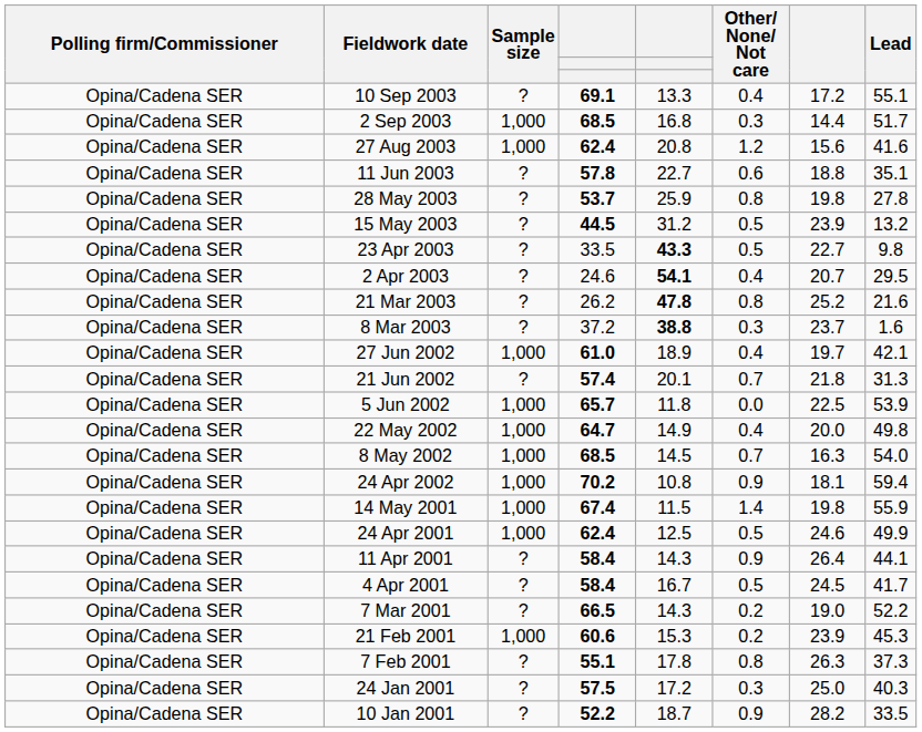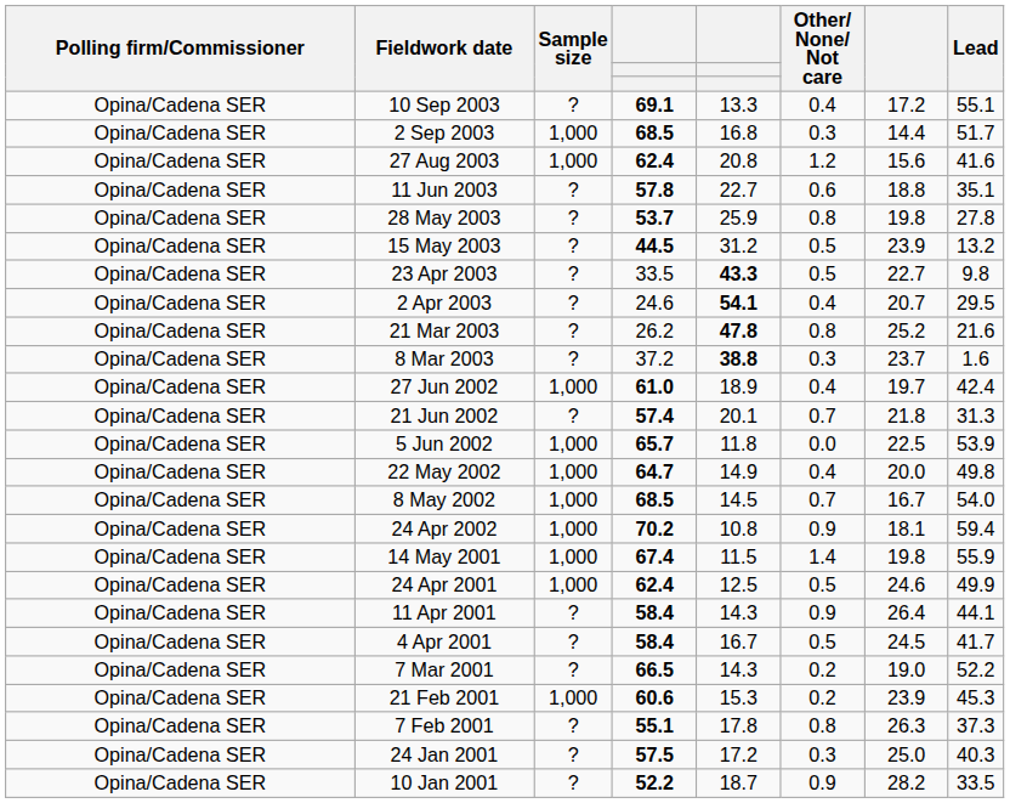 <table class="wikitable collapsible collapsed" style="text-align:center; font-size:90%; line-height:14px;">
 <tr style="height:42px;">
 <th style="width:250px;" rowspan="3">Polling firm/Commissioner</th>
 <th style="width:125px;" rowspan="3">Fieldwork date</th>
 <th style="width:50px;" rowspan="3">Sample size</th>
 <th style="width:55px;"></th>
 <th style="width:55px;"></th>
 <th style="width:55px;" rowspan="3">Other/<br>None/<br>Not<br>care</th>
 <th style="width:55px;" rowspan="3"></th>
 <th style="width:30px;" rowspan="3">Lead</th>
 </tr>
 <tr>
 <th style="color:inherit;background:"></th>
 <th style="color:inherit;background:"></th>
 </tr>
 <tr>
 <th></th>
 <th></th>
 </tr>
 <tr>
 <td>Opina/Cadena SER</td>
 <td>10 Sep 2003</td>
 <td>?</td>
 <td><strong>69.1</strong></td>
 <td>13.3</td>
 <td>0.4</td>
 <td>17.2</td>
 <td style="background:">55.1</td>
 </tr>
 <tr>
 <td>Opina/Cadena SER</td>
 <td>2 Sep 2003</td>
 <td>1,000</td>
 <td><strong>68.5</strong></td>
 <td>16.8</td>
 <td>0.3</td>
 <td>14.4</td>
 <td style="background:">51.7</td>
 </tr>
 <tr>
 <td>Opina/Cadena SER</td>
 <td>27 Aug 2003</td>
 <td>1,000</td>
 <td><strong>62.4</strong></td>
 <td>20.8</td>
 <td>1.2</td>
 <td>15.6</td>
 <td style="background:">41.6</td>
 </tr>
 <tr>
 <td>Opina/Cadena SER</td>
 <td>11 Jun 2003</td>
 <td>?</td>
 <td><strong>57.8</strong></td>
 <td>22.7</td>
 <td>0.6</td>
 <td>18.8</td>
 <td style="background:">35.1</td>
 </tr>
 <tr>
 <td>Opina/Cadena SER</td>
 <td>28 May 2003</td>
 <td>?</td>
 <td><strong>53.7</strong></td>
 <td>25.9</td>
 <td>0.8</td>
 <td>19.8</td>
 <td style="background:">27.8</td>
 </tr>
 <tr>
 <td>Opina/Cadena SER</td>
 <td>15 May 2003</td>
 <td>?</td>
 <td><strong>44.5</strong></td>
 <td>31.2</td>
 <td>0.5</td>
 <td>23.9</td>
 <td style="background:">13.2</td>
 </tr>
 <tr>
 <td>Opina/Cadena SER</td>
 <td>23 Apr 2003</td>
 <td>?</td>
 <td>33.5</td>
 <td><strong>43.3</strong></td>
 <td>0.5</td>
 <td>22.7</td>
 <td style="background:">9.8</td>
 </tr>
 <tr>
 <td>Opina/Cadena SER</td>
 <td>2 Apr 2003</td>
 <td>?</td>
 <td>24.6</td>
 <td><strong>54.1</strong></td>
 <td>0.4</td>
 <td>20.7</td>
 <td style="background:">29.5</td>
 </tr>
 <tr>
 <td>Opina/Cadena SER</td>
 <td>21 Mar 2003</td>
 <td>?</td>
 <td>26.2</td>
 <td><strong>47.8</strong></td>
 <td>0.8</td>
 <td>25.2</td>
 <td style="background:">21.6</td>
 </tr>
 <tr>
 <td>Opina/Cadena SER</td>
 <td>8 Mar 2003</td>
 <td>?</td>
 <td>37.2</td>
 <td><strong>38.8</strong></td>
 <td>0.3</td>
 <td>23.7</td>
 <td style="background:">1.6</td>
 </tr>
 <tr>
 <td>Opina/Cadena SER</td>
 <td>27 Jun 2002</td>
 <td>1,000</td>
 <td><strong>61.0</strong></td>
 <td>18.9</td>
 <td>0.4</td>
 <td>19.7</td>
-<td style="background:">42.1</td>
+<td style="background:">42.4</td>
 </tr>
 <tr>
 <td>Opina/Cadena SER</td>
 <td>21 Jun 2002</td>
 <td>?</td>
 <td><strong>57.4</strong></td>
 <td>20.1</td>
 <td>0.7</td>
 <td>21.8</td>
 <td style="background:">31.3</td>
 </tr>
 <tr>
 <td>Opina/Cadena SER</td>
 <td>5 Jun 2002</td>
 <td>1,000</td>
 <td><strong>65.7</strong></td>
 <td>11.8</td>
 <td>0.0</td>
 <td>22.5</td>
 <td style="background:">53.9</td>
 </tr>
 <tr>
 <td>Opina/Cadena SER</td>
 <td>22 May 2002</td>
 <td>1,000</td>
 <td><strong>64.7</strong></td>
 <td>14.9</td>
 <td>0.4</td>
 <td>20.0</td>
 <td style="background:">49.8</td>
 </tr>
 <tr>
 <td>Opina/Cadena SER</td>
 <td>8 May 2002</td>
 <td>1,000</td>
 <td><strong>68.5</strong></td>
 <td>14.5</td>
 <td>0.7</td>
-<td>16.3</td>
+<td>16.7</td>
 <td style="background:">54.0</td>
 </tr>
 <tr>
 <td>Opina/Cadena SER</td>
 <td>24 Apr 2002</td>
 <td>1,000</td>
 <td><strong>70.2</strong></td>
 <td>10.8</td>
 <td>0.9</td>
 <td>18.1</td>
 <td style="background:">59.4</td>
 </tr>
 <tr>
 <td>Opina/Cadena SER</td>
 <td>14 May 2001</td>
 <td>1,000</td>
 <td><strong>67.4</strong></td>
 <td>11.5</td>
 <td>1.4</td>
 <td>19.8</td>
 <td style="background:">55.9</td>
 </tr>
 <tr>
 <td>Opina/Cadena SER</td>
 <td>24 Apr 2001</td>
 <td>1,000</td>
 <td><strong>62.4</strong></td>
 <td>12.5</td>
 <td>0.5</td>
 <td>24.6</td>
 <td style="background:">49.9</td>
 </tr>
 <tr>
 <td>Opina/Cadena SER</td>
 <td>11 Apr 2001</td>
 <td>?</td>
 <td><strong>58.4</strong></td>
 <td>14.3</td>
 <td>0.9</td>
 <td>26.4</td>
 <td style="background:">44.1</td>
 </tr>
 <tr>
 <td>Opina/Cadena SER</td>
 <td>4 Apr 2001</td>
 <td>?</td>
 <td><strong>58.4</strong></td>
 <td>16.7</td>
 <td>0.5</td>
 <td>24.5</td>
 <td style="background:">41.7</td>
 </tr>
 <tr>
 <td>Opina/Cadena SER</td>
 <td>7 Mar 2001</td>
 <td>?</td>
 <td><strong>66.5</strong></td>
 <td>14.3</td>
 <td>0.2</td>
 <td>19.0</td>
 <td style="background:">52.2</td>
 </tr>
 <tr>
 <td>Opina/Cadena SER</td>
 <td>21 Feb 2001</td>
 <td>1,000</td>
 <td><strong>60.6</strong></td>
 <td>15.3</td>
 <td>0.2</td>
 <td>23.9</td>
 <td style="background:">45.3</td>
 </tr>
 <tr>
 <td>Opina/Cadena SER</td>
 <td>7 Feb 2001</td>
 <td>?</td>
 <td><strong>55.1</strong></td>
 <td>17.8</td>
 <td>0.8</td>
 <td>26.3</td>
 <td style="background:">37.3</td>
 </tr>
 <tr>
 <td>Opina/Cadena SER</td>
 <td>24 Jan 2001</td>
 <td>?</td>
 <td><strong>57.5</strong></td>
 <td>17.2</td>
 <td>0.3</td>
 <td>25.0</td>
 <td style="background:">40.3</td>
 </tr>
 <tr>
 <td>Opina/Cadena SER</td>
 <td>10 Jan 2001</td>
 <td>?</td>
 <td><strong>52.2</strong></td>
 <td>18.7</td>
 <td>0.9</td>
 <td>28.2</td>
 <td style="background:">33.5</td>
 </tr>
 </table>
